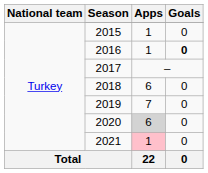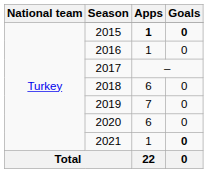 <table class="wikitable" style="text-align: center;">
 <tr>
 <th>National team</th>
 <th>Season</th>
 <th>Apps</th>
 <th>Goals</th>
 </tr>
 <tr>
 <td rowspan="8" valign="center"><a href='#'>Turkey</a></td>
 </tr>
 <tr>
 <td>2015</td>
-<td>1</td>
-<td>0</td>
+<td><strong>1</strong></td>
+<td><strong>0</strong></td>
 </tr>
 <tr>
 <td>2016</td>
 <td>1</td>
-<td><strong>0</strong></td>
+<td>0</td>
 </tr>
 <tr>
 <td>2017</td>
 <td colspan="2">–</td>
 </tr>
 <tr>
 <td>2018</td>
 <td>6</td>
 <td>0</td>
 </tr>
 <tr>
 <td>2019</td>
 <td>7</td>
 <td>0</td>
 </tr>
 <tr>
 <td>2020</td>
-<td style="background: lightgrey;">6</td>
+<td>6</td>
 <td>0</td>
 </tr>
 <tr>
 <td>2021</td>
-<td style="background: pink;">1</td>
-<td>0</td>
+<td>1</td>
+<td><strong>0</strong></td>
 </tr>
 <tr>
 <th colspan="2">Total</th>
 <th>22</th>
 <th>0</th>
 </tr>
 </table>
